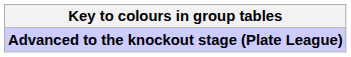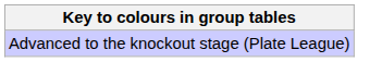 <table class="wikitable">
 <tr>
 <th>Key to colours in group tables</th>
 </tr>
 <tr bgcolor="#ccccff">
-<td><strong>Advanced to the knockout stage (Plate League)</strong></td>
+<td>Advanced to the knockout stage (Plate League)</td>
 </tr>
 </table>
